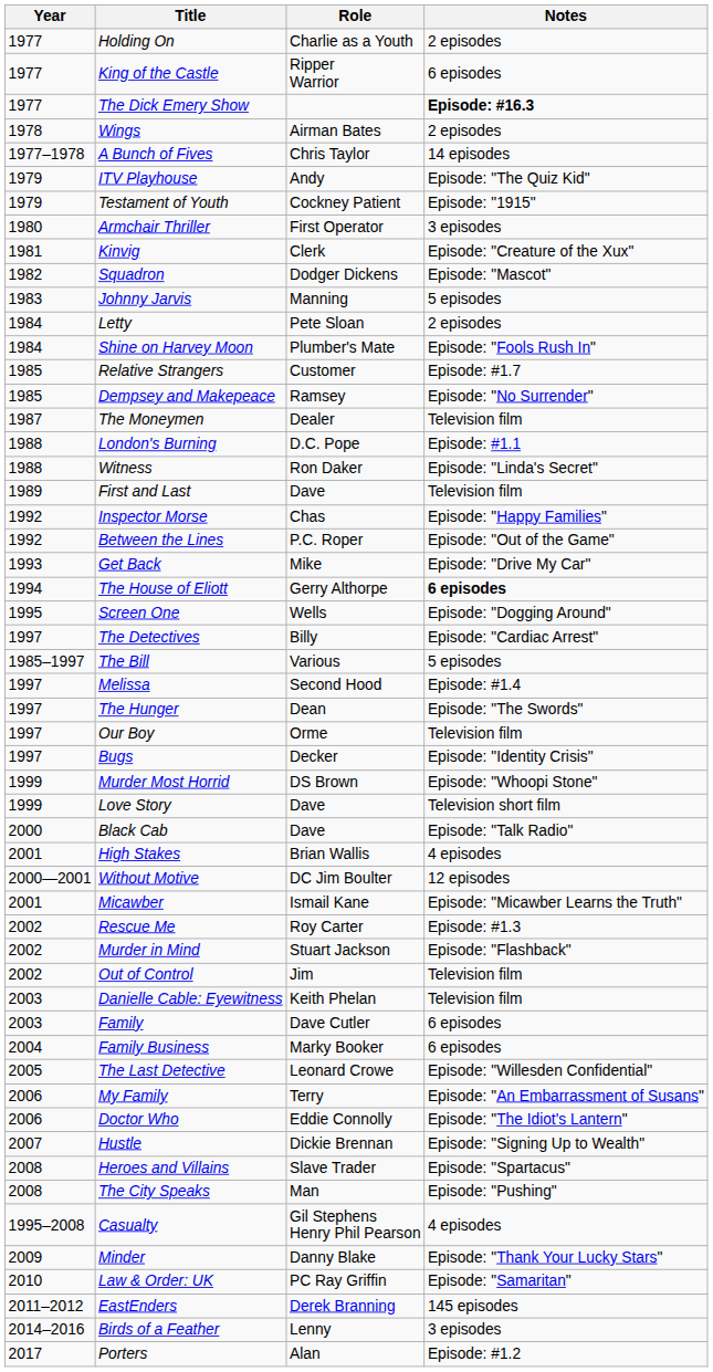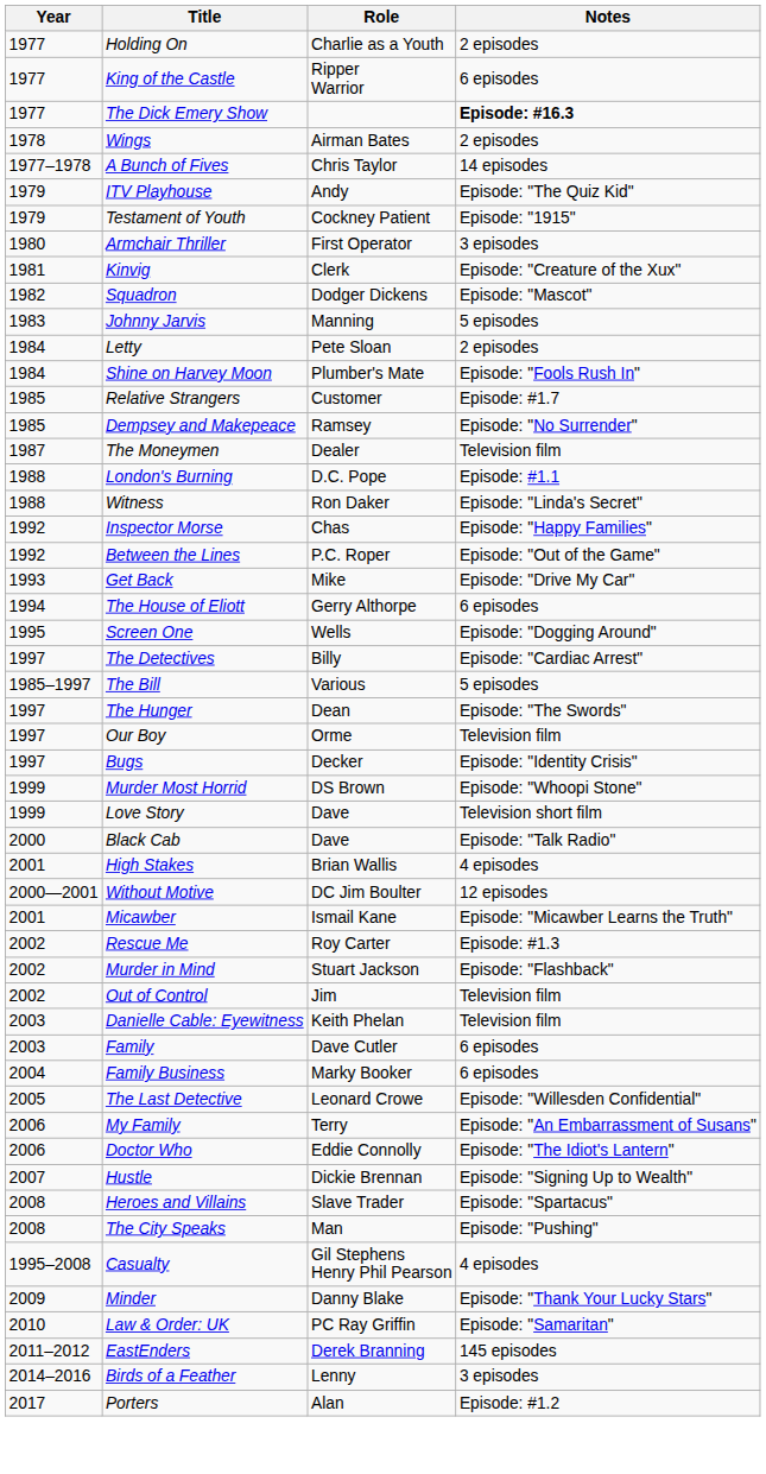 <table class="wikitable sortable">
 <tr>
 <th>Year</th>
 <th>Title</th>
 <th>Role</th>
 <th class="unsortable">Notes</th>
 </tr>
 <tr>
 <td>1977</td>
 <td><em>Holding On</em></td>
 <td>Charlie as a Youth</td>
 <td>2 episodes</td>
 </tr>
 <tr>
 <td>1977</td>
 <td><em><a href='#'>King of the Castle</a></em></td>
 <td>Ripper<br>Warrior</td>
 <td>6 episodes</td>
 </tr>
 <tr>
 <td>1977</td>
 <td><em><a href='#'>The Dick Emery Show</a></em></td>
 <td></td>
 <td><strong>Episode: #16.3</strong></td>
 </tr>
 <tr>
 <td>1978</td>
 <td><em><a href='#'>Wings</a></em></td>
 <td>Airman Bates</td>
 <td>2 episodes</td>
 </tr>
 <tr>
 <td>1977–1978</td>
 <td><em><a href='#'>A Bunch of Fives</a></em></td>
 <td>Chris Taylor</td>
 <td>14 episodes</td>
 </tr>
 <tr>
 <td>1979</td>
 <td><a href='#'><em>ITV Playhouse</em></a></td>
 <td>Andy</td>
 <td>Episode: "The Quiz Kid"</td>
 </tr>
 <tr>
 <td>1979</td>
 <td><em>Testament of Youth</em></td>
 <td>Cockney Patient</td>
 <td>Episode: "1915"</td>
 </tr>
 <tr>
 <td>1980</td>
 <td><em><a href='#'>Armchair Thriller</a></em></td>
 <td>First Operator</td>
 <td>3 episodes</td>
 </tr>
 <tr>
 <td>1981</td>
 <td><em><a href='#'>Kinvig</a></em></td>
 <td>Clerk</td>
 <td>Episode: "Creature of the Xux"</td>
 </tr>
 <tr>
 <td>1982</td>
 <td><em><a href='#'>Squadron</a></em></td>
 <td>Dodger Dickens</td>
 <td>Episode: "Mascot"</td>
 </tr>
 <tr>
 <td>1983</td>
 <td><em><a href='#'>Johnny Jarvis</a></em></td>
 <td>Manning</td>
 <td>5 episodes</td>
 </tr>
 <tr>
 <td>1984</td>
 <td><em>Letty</em></td>
 <td>Pete Sloan</td>
 <td>2 episodes</td>
 </tr>
 <tr>
 <td>1984</td>
 <td><em><a href='#'>Shine on Harvey Moon</a></em></td>
 <td>Plumber's Mate</td>
 <td>Episode: "<a href='#'>Fools Rush In</a>"</td>
 </tr>
 <tr>
 <td>1985</td>
 <td><em>Relative Strangers</em></td>
 <td>Customer</td>
 <td>Episode: #1.7</td>
 </tr>
 <tr>
 <td>1985</td>
 <td><em><a href='#'>Dempsey and Makepeace</a></em></td>
 <td>Ramsey</td>
 <td>Episode: "<a href='#'>No Surrender</a>"</td>
 </tr>
 <tr>
 <td>1987</td>
 <td><em>The Moneymen</em></td>
 <td>Dealer</td>
 <td>Television film</td>
 </tr>
 <tr>
 <td>1988</td>
 <td><em><a href='#'>London's Burning</a></em></td>
 <td>D.C. Pope</td>
 <td>Episode: <a href='#'>#1.1</a></td>
 </tr>
 <tr>
 <td>1988</td>
 <td><em>Witness</em></td>
 <td>Ron Daker</td>
 <td>Episode: "Linda's Secret"</td>
 </tr>
 <tr>
-<td>1989</td>
-<td><em>First and Last</em></td>
-<td>Dave</td>
-<td>Television film</td>
-</tr>
-<tr>
 <td>1992</td>
 <td><em><a href='#'>Inspector Morse</a></em></td>
 <td>Chas</td>
 <td>Episode: "<a href='#'>Happy Families</a>"</td>
 </tr>
 <tr>
 <td>1992</td>
 <td><em><a href='#'>Between the Lines</a></em></td>
 <td>P.C. Roper</td>
 <td>Episode: "Out of the Game"</td>
 </tr>
 <tr>
 <td>1993</td>
 <td><em><a href='#'>Get Back</a></em></td>
 <td>Mike</td>
 <td>Episode: "Drive My Car"</td>
 </tr>
 <tr>
 <td>1994</td>
 <td><em><a href='#'>The House of Eliott</a></em></td>
 <td>Gerry Althorpe</td>
-<td><strong>6 episodes</strong></td>
+<td>6 episodes</td>
 </tr>
 <tr>
 <td>1995</td>
 <td><em><a href='#'>Screen One</a></em></td>
 <td>Wells</td>
 <td>Episode: "Dogging Around"</td>
 </tr>
 <tr>
 <td>1997</td>
 <td><em><a href='#'>The Detectives</a></em></td>
 <td>Billy</td>
 <td>Episode: "Cardiac Arrest"</td>
 </tr>
 <tr>
 <td>1985–1997</td>
 <td><em><a href='#'>The Bill</a></em></td>
 <td>Various</td>
 <td>5 episodes</td>
-</tr>
-<tr>
-<td>1997</td>
-<td><em><a href='#'>Melissa</a></em></td>
-<td>Second Hood</td>
-<td>Episode: #1.4</td>
 </tr>
 <tr>
 <td>1997</td>
 <td><em><a href='#'>The Hunger</a></em></td>
 <td>Dean</td>
 <td>Episode: "The Swords"</td>
 </tr>
 <tr>
 <td>1997</td>
 <td><em>Our Boy</em></td>
 <td>Orme</td>
 <td>Television film</td>
 </tr>
 <tr>
 <td>1997</td>
 <td><em><a href='#'>Bugs</a></em></td>
 <td>Decker</td>
 <td>Episode: "Identity Crisis"</td>
 </tr>
 <tr>
 <td>1999</td>
 <td><em><a href='#'>Murder Most Horrid</a></em></td>
 <td>DS Brown</td>
 <td>Episode: "Whoopi Stone"</td>
 </tr>
 <tr>
 <td>1999</td>
 <td><em>Love Story</em></td>
 <td>Dave</td>
 <td>Television short film</td>
 </tr>
 <tr>
 <td>2000</td>
 <td><em>Black Cab</em></td>
 <td>Dave</td>
 <td>Episode: "Talk Radio"</td>
 </tr>
 <tr>
 <td>2001</td>
 <td><em><a href='#'>High Stakes</a></em></td>
 <td>Brian Wallis</td>
 <td>4 episodes</td>
 </tr>
 <tr>
 <td>2000—2001</td>
 <td><em><a href='#'>Without Motive</a></em></td>
 <td>DC Jim Boulter</td>
 <td>12 episodes</td>
 </tr>
 <tr>
 <td>2001</td>
 <td><em><a href='#'>Micawber</a></em></td>
 <td>Ismail Kane</td>
 <td>Episode: "Micawber Learns the Truth"</td>
 </tr>
 <tr>
 <td>2002</td>
 <td><em><a href='#'>Rescue Me</a></em></td>
 <td>Roy Carter</td>
 <td>Episode: #1.3</td>
 </tr>
 <tr>
 <td>2002</td>
 <td><em><a href='#'>Murder in Mind</a></em></td>
 <td>Stuart Jackson</td>
 <td>Episode: "Flashback"</td>
 </tr>
 <tr>
 <td>2002</td>
 <td><em><a href='#'>Out of Control</a></em></td>
 <td>Jim</td>
 <td>Television film</td>
 </tr>
 <tr>
 <td>2003</td>
 <td><em><a href='#'>Danielle Cable: Eyewitness</a></em></td>
 <td>Keith Phelan</td>
 <td>Television film</td>
 </tr>
 <tr>
 <td>2003</td>
 <td><em><a href='#'>Family</a></em></td>
 <td>Dave Cutler</td>
 <td>6 episodes</td>
 </tr>
 <tr>
 <td>2004</td>
 <td><em><a href='#'>Family Business</a></em></td>
 <td>Marky Booker</td>
 <td>6 episodes</td>
 </tr>
 <tr>
 <td>2005</td>
 <td><em><a href='#'>The Last Detective</a></em></td>
 <td>Leonard Crowe</td>
 <td>Episode: "Willesden Confidential"</td>
 </tr>
 <tr>
 <td>2006</td>
 <td><em><a href='#'>My Family</a></em></td>
 <td>Terry</td>
 <td>Episode: "<a href='#'>An Embarrassment of Susans</a>"</td>
 </tr>
 <tr>
 <td>2006</td>
 <td><em><a href='#'>Doctor Who</a></em></td>
 <td>Eddie Connolly</td>
 <td>Episode: "<a href='#'>The Idiot's Lantern</a>"</td>
 </tr>
 <tr>
 <td>2007</td>
 <td><em><a href='#'>Hustle</a></em></td>
 <td>Dickie Brennan</td>
 <td>Episode: "Signing Up to Wealth"</td>
 </tr>
 <tr>
 <td>2008</td>
 <td><em><a href='#'>Heroes and Villains</a></em></td>
 <td>Slave Trader</td>
 <td>Episode: "Spartacus"</td>
 </tr>
 <tr>
 <td>2008</td>
 <td><em><a href='#'>The City Speaks</a></em></td>
 <td>Man</td>
 <td>Episode: "Pushing"</td>
 </tr>
 <tr>
 <td>1995–2008</td>
 <td><em><a href='#'>Casualty</a></em></td>
 <td>Gil Stephens<br>Henry Phil Pearson</td>
 <td>4 episodes</td>
 </tr>
 <tr>
 <td>2009</td>
 <td><em><a href='#'>Minder</a></em></td>
 <td>Danny Blake</td>
 <td>Episode: "<a href='#'>Thank Your Lucky Stars</a>"</td>
 </tr>
 <tr>
 <td>2010</td>
 <td><em><a href='#'>Law & Order: UK</a></em></td>
 <td>PC Ray Griffin</td>
 <td>Episode: "<a href='#'>Samaritan</a>"</td>
 </tr>
 <tr>
 <td>2011–2012</td>
 <td><em><a href='#'>EastEnders</a></em></td>
 <td><a href='#'>Derek Branning</a></td>
 <td>145 episodes</td>
 </tr>
 <tr>
 <td>2014–2016</td>
 <td><em><a href='#'>Birds of a Feather</a></em></td>
 <td>Lenny</td>
 <td>3 episodes</td>
 </tr>
 <tr>
 <td>2017</td>
 <td><em>Porters</em></td>
 <td>Alan</td>
 <td>Episode: #1.2</td>
 </tr>
 </table>
